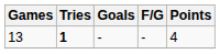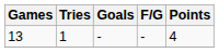 <table class="wikitable">
 <tr bgcolor=#bdb76b>
 <th>Games</th>
 <th>Tries</th>
 <th>Goals</th>
 <th>F/G</th>
 <th>Points</th>
 </tr>
 <tr>
 <td>13</td>
-<td><strong>1</strong></td>
+<td>1</td>
 <td>-</td>
 <td>-</td>
 <td>4</td>
 </tr>
 <tr>
 </tr>
 </table>
